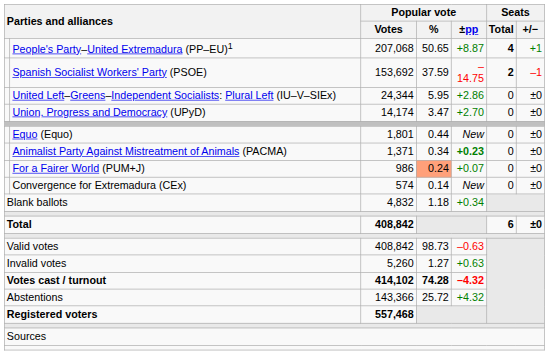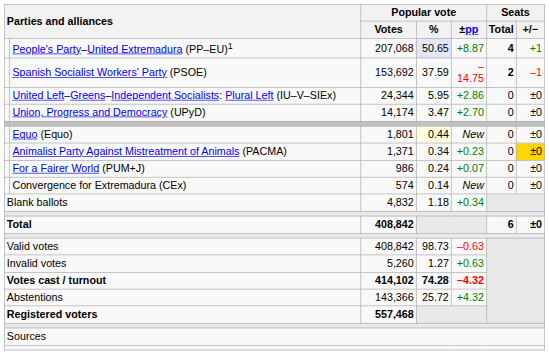 <table class="wikitable" style="text-align:right;">
 <tr>
 <th style="text-align:left;" rowspan="2" colspan="2" width="525">Parties and alliances</th>
 <th colspan="3">Popular vote</th>
 <th colspan="2">Seats</th>
 </tr>
 <tr>
 <th width="75">Votes</th>
 <th width="45">%</th>
 <th width="45">±<a href='#'>pp</a></th>
 <th width="35">Total</th>
 <th width="35">+/−</th>
 </tr>
 <tr>
 <td width="1" style="color:inherit;background:"></td>
 <td align="left"><a href='#'>People's Party</a>–<a href='#'>United Extremadura</a> (PP–EU)<sup>1</sup></td>
 <td>207,068</td>
-<td>50.65</td>
+<td style="background: lavender;">50.65</td>
 <td style="color:green;">+8.87</td>
 <td><strong>4</strong></td>
 <td style="color:green;">+1</td>
 </tr>
 <tr>
 <td style="color:inherit;background:"></td>
 <td align="left"><a href='#'>Spanish Socialist Workers' Party</a> (PSOE)</td>
 <td>153,692</td>
 <td>37.59</td>
 <td style="color:red;">–14.75</td>
 <td><strong>2</strong></td>
 <td style="color:red;">–1</td>
 </tr>
 <tr>
 <td style="color:inherit;background:"></td>
 <td align="left"><a href='#'>United Left</a>–<a href='#'>Greens</a>–<a href='#'>Independent Socialists</a>: <a href='#'>Plural Left</a> (IU–V–SIEx)</td>
 <td>24,344</td>
 <td>5.95</td>
 <td style="color:green;">+2.86</td>
 <td>0</td>
 <td>±0</td>
 </tr>
 <tr>
 <td style="color:inherit;background:"></td>
 <td align="left"><a href='#'>Union, Progress and Democracy</a> (UPyD)</td>
 <td>14,174</td>
 <td>3.47</td>
 <td style="color:green;">+2.70</td>
 <td>0</td>
 <td>±0</td>
 </tr>
 <tr>
 <td colspan="7" bgcolor="#C0C0C0"></td>
 </tr>
 <tr>
 <td style="color:inherit;background:"></td>
 <td align="left"><a href='#'>Equo</a> (Equo)</td>
 <td>1,801</td>
-<td>0.44</td>
+<td style="background: lightyellow;">0.44</td>
 <td><em>New</em></td>
 <td>0</td>
 <td>±0</td>
 </tr>
 <tr>
 <td style="color:inherit;background:"></td>
 <td align="left"><a href='#'>Animalist Party Against Mistreatment of Animals</a> (PACMA)</td>
 <td>1,371</td>
 <td>0.34</td>
-<td style="color:green;"><strong>+0.23</strong></td>
+<td style="color:green;">+0.23</td>
 <td>0</td>
-<td>±0</td>
+<td style="background: gold;">±0</td>
 </tr>
 <tr>
 <td style="color:inherit;background:"></td>
 <td align="left"><a href='#'>For a Fairer World</a> (PUM+J)</td>
 <td>986</td>
-<td style="background: lightsalmon;">0.24</td>
+<td>0.24</td>
 <td style="color:green;">+0.07</td>
 <td>0</td>
 <td>±0</td>
 </tr>
 <tr>
 <td style="color:inherit;background:"></td>
 <td align="left">Convergence for Extremadura (CEx)</td>
 <td>574</td>
 <td>0.14</td>
 <td><em>New</em></td>
 <td>0</td>
 <td>±0</td>
 </tr>
 <tr>
 <td align="left" colspan="2">Blank ballots</td>
 <td>4,832</td>
 <td>1.18</td>
 <td style="color:green;">+0.34</td>
 <td bgcolor="#E9E9E9" colspan="2"></td>
 </tr>
 <tr>
 <td colspan="7" bgcolor="#E9E9E9"></td>
 </tr>
 <tr style="font-weight:bold;">
 <td align="left" colspan="2">Total</td>
 <td>408,842</td>
 <td bgcolor="#E9E9E9" colspan="2"></td>
 <td>6</td>
 <td>±0</td>
 </tr>
 <tr>
 <td colspan="7" bgcolor="#E9E9E9"></td>
 </tr>
 <tr>
 <td align="left" colspan="2">Valid votes</td>
 <td>408,842</td>
 <td>98.73</td>
 <td style="color:red;">–0.63</td>
 <td bgcolor="#E9E9E9" colspan="2" rowspan="5"></td>
 </tr>
 <tr>
 <td align="left" colspan="2">Invalid votes</td>
 <td>5,260</td>
 <td>1.27</td>
 <td style="color:green;">+0.63</td>
 </tr>
 <tr style="font-weight:bold;">
 <td align="left" colspan="2">Votes cast / turnout</td>
 <td>414,102</td>
 <td>74.28</td>
 <td style="color:red;">–4.32</td>
 </tr>
 <tr>
 <td align="left" colspan="2">Abstentions</td>
 <td>143,366</td>
 <td>25.72</td>
 <td style="color:green;">+4.32</td>
 </tr>
 <tr style="font-weight:bold;">
 <td align="left" colspan="2">Registered voters</td>
 <td>557,468</td>
 <td bgcolor="#E9E9E9" colspan="2"></td>
 </tr>
 <tr>
 <td colspan="7" bgcolor="#E9E9E9"></td>
 </tr>
 <tr>
 <td align="left" colspan="7">Sources</td>
 </tr>
 <tr>
 <td colspan="7" style="text-align:left; max-width:790px;"></td>
 </tr>
 </table>
